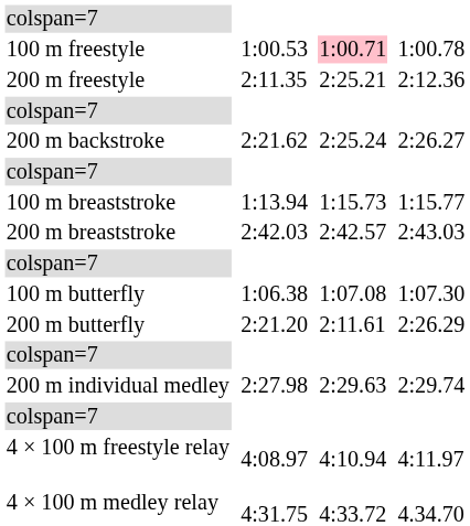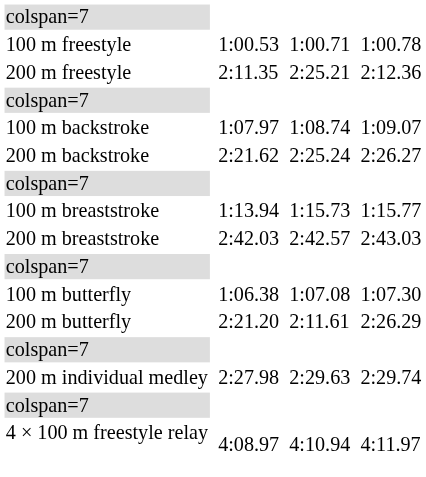 <table>
 <tr bgcolor=#DDDDDD>
 <td>colspan=7 </td>
 </tr>
 <tr>
 <td>100 m freestyle<br></td>
 <td></td>
 <td>1:00.53</td>
 <td></td>
-<td style="background: pink;">1:00.71</td>
+<td>1:00.71</td>
 <td></td>
 <td>1:00.78</td>
 </tr>
 <tr>
 <td>200 m freestyle<br></td>
 <td></td>
 <td>2:11.35</td>
 <td></td>
 <td>2:25.21</td>
 <td></td>
 <td>2:12.36</td>
 </tr>
 <tr bgcolor=#DDDDDD>
 <td>colspan=7 </td>
+</tr>
+<tr>
+<td>100 m backstroke<br></td>
+<td></td>
+<td>1:07.97</td>
+<td></td>
+<td>1:08.74</td>
+<td></td>
+<td>1:09.07</td>
 </tr>
 <tr>
 <td>200 m backstroke<br></td>
 <td></td>
 <td>2:21.62</td>
 <td></td>
 <td>2:25.24</td>
 <td></td>
 <td>2:26.27</td>
 </tr>
 <tr bgcolor=#DDDDDD>
 <td>colspan=7 </td>
 </tr>
 <tr>
 <td>100 m breaststroke<br></td>
 <td></td>
 <td>1:13.94</td>
 <td></td>
 <td>1:15.73</td>
 <td></td>
 <td>1:15.77</td>
 </tr>
 <tr>
 <td>200 m breaststroke<br></td>
 <td></td>
 <td>2:42.03</td>
 <td></td>
 <td>2:42.57</td>
 <td></td>
 <td>2:43.03</td>
 </tr>
 <tr bgcolor=#DDDDDD>
 <td>colspan=7 </td>
 </tr>
 <tr>
 <td>100 m butterfly<br></td>
 <td></td>
 <td>1:06.38</td>
 <td></td>
 <td>1:07.08</td>
 <td></td>
 <td>1:07.30</td>
 </tr>
 <tr>
 <td>200 m butterfly<br></td>
 <td></td>
 <td>2:21.20</td>
 <td></td>
 <td>2:11.61</td>
 <td></td>
 <td>2:26.29</td>
 </tr>
 <tr bgcolor=#DDDDDD>
 <td>colspan=7 </td>
 </tr>
 <tr>
 <td>200 m individual medley<br></td>
 <td></td>
 <td>2:27.98</td>
 <td></td>
 <td>2:29.63</td>
 <td></td>
 <td>2:29.74</td>
 </tr>
 <tr bgcolor=#DDDDDD>
 <td>colspan=7 </td>
 </tr>
 <tr>
 <td>4 × 100 m freestyle relay<br><br></td>
 <td></td>
 <td>4:08.97</td>
 <td></td>
 <td>4:10.94</td>
 <td></td>
 <td>4:11.97</td>
 </tr>
-<tr>
-<td>4 × 100 m medley relay<br><br></td>
-<td></td>
-<td>4:31.75</td>
-<td></td>
-<td>4:33.72</td>
-<td></td>
-<td>4.34.70</td>
-</tr>
 </table>
